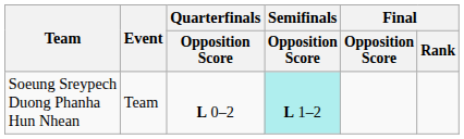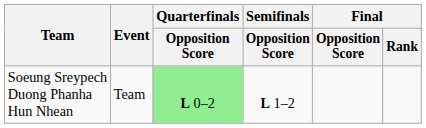 <table class="wikitable" style="font-size:90%">
 <tr>
 <th rowspan=2>Team</th>
 <th rowspan=2>Event</th>
 <th>Quarterfinals</th>
 <th>Semifinals</th>
 <th colspan=2>Final</th>
 </tr>
 <tr style="font-size:95%">
 <th>Opposition<br>Score</th>
 <th>Opposition<br>Score</th>
 <th>Opposition<br>Score</th>
 <th>Rank</th>
 </tr>
 <tr style="text-align:center">
 <td style="text-align:left">Soeung Sreypech<br>Duong Phanha<br>Hun Nhean</td>
 <td style="text-align:left">Team</td>
-<td><br><strong>L</strong> 0–2</td>
-<td style="background: paleturquoise;"><br><strong>L</strong> 1–2</td>
+<td style="background: lightgreen;"><br><strong>L</strong> 0–2</td>
+<td><br><strong>L</strong> 1–2</td>
 <td></td>
 <td></td>
 </tr>
 </table>
